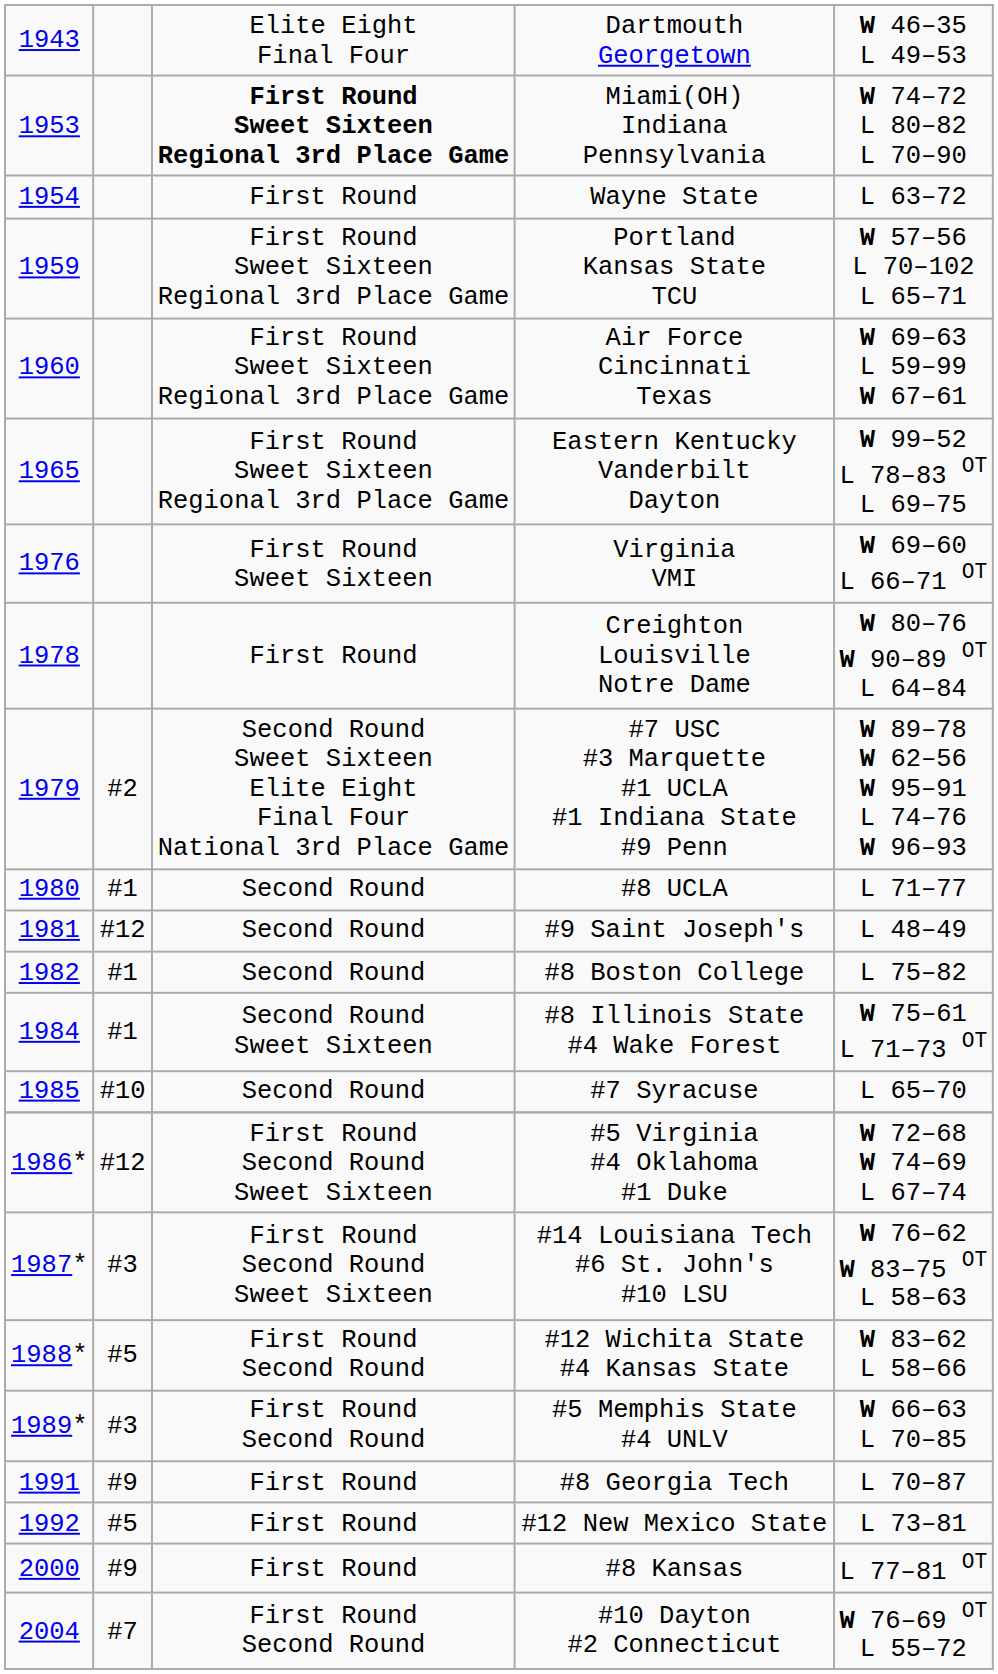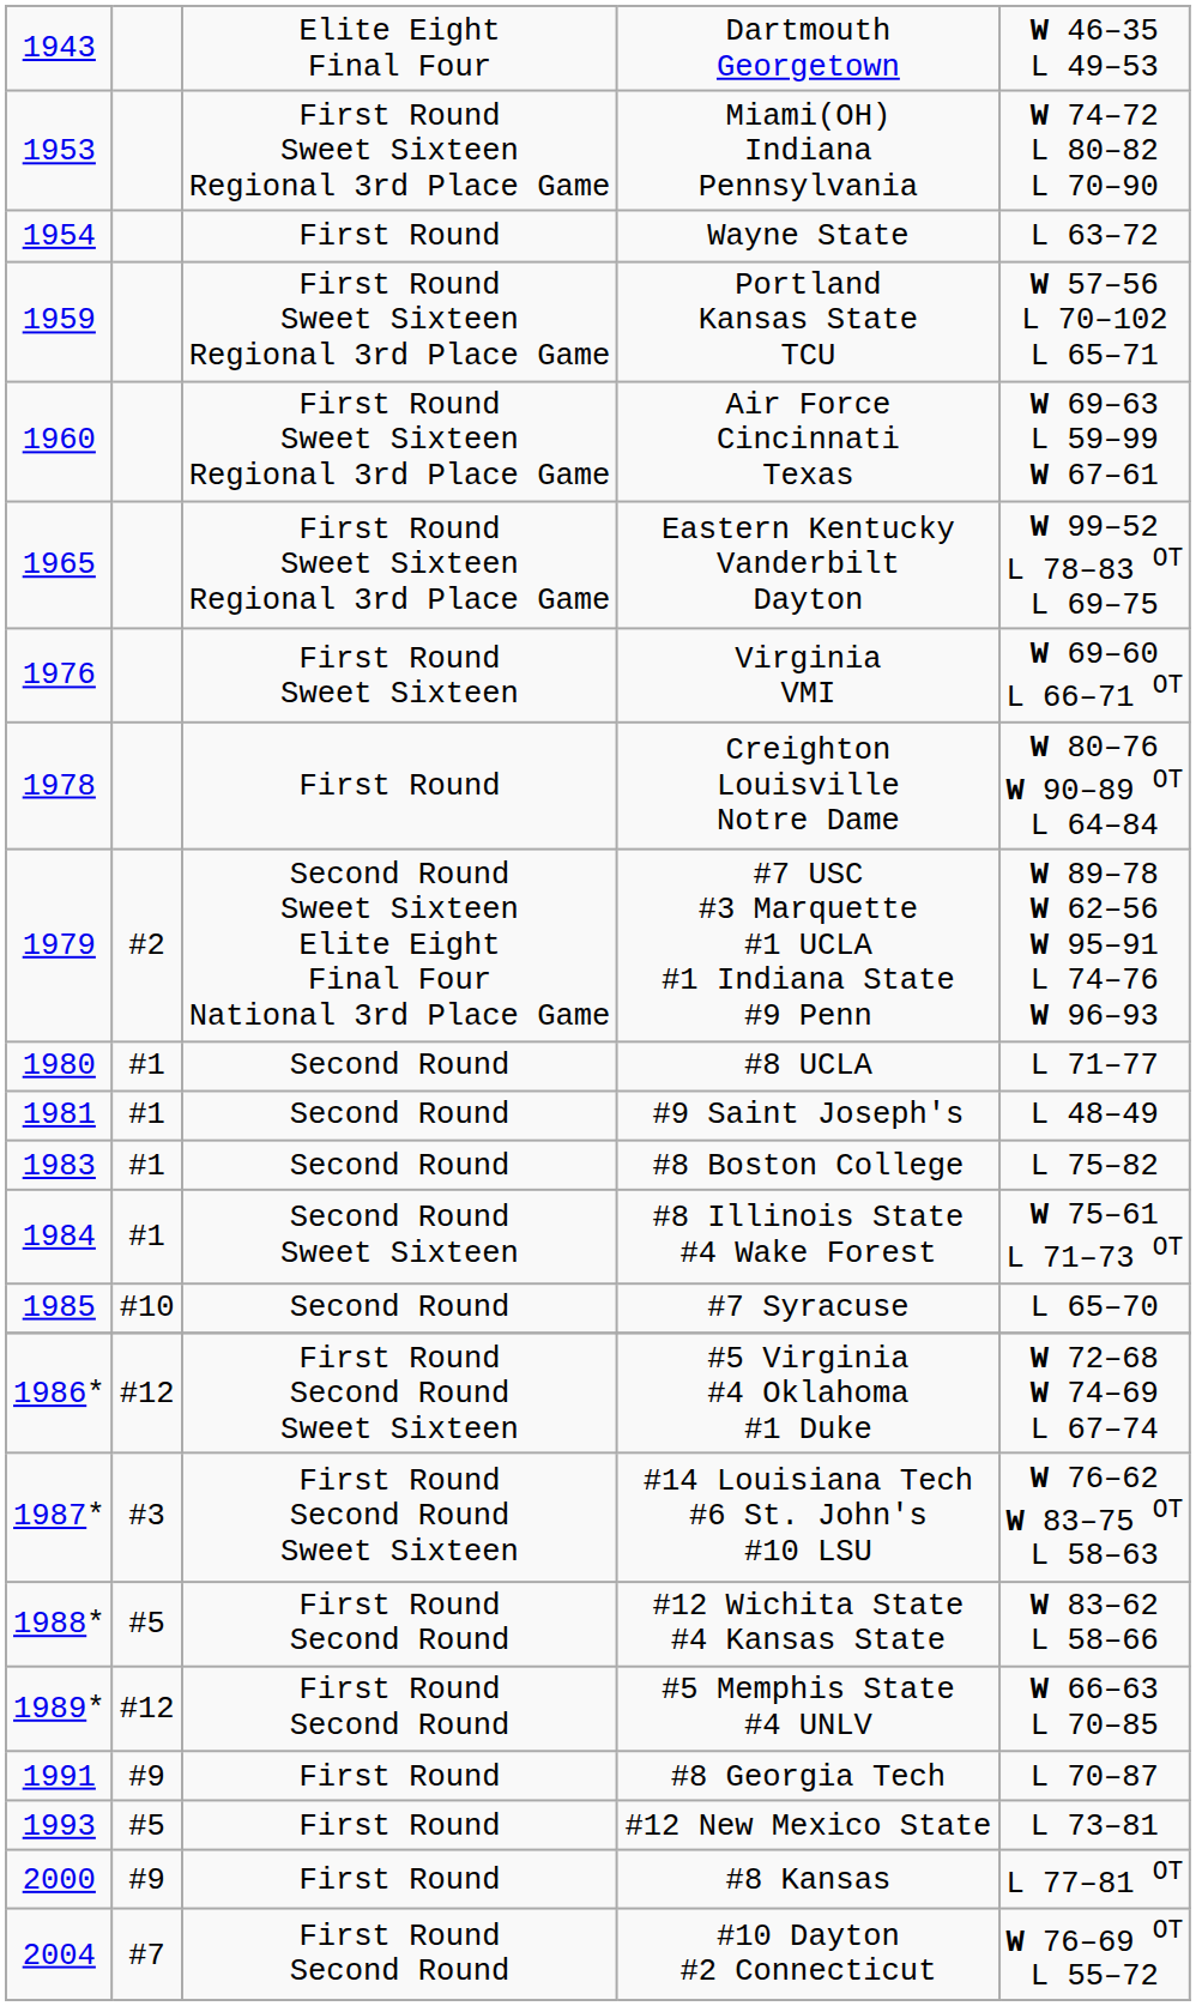 <table class="wikitable">
 <tr align="center">
 <td><a href='#'>1943</a></td>
 <td></td>
 <td>Elite Eight<br>Final Four</td>
 <td>Dartmouth<br><a href='#'>Georgetown</a></td>
 <td><strong>W</strong> 46–35<br>L 49–53</td>
 </tr>
 <tr align="center">
 <td><a href='#'>1953</a></td>
 <td></td>
-<td><strong>First Round<br>Sweet Sixteen<br>Regional 3rd Place Game</strong></td>
+<td>First Round<br>Sweet Sixteen<br>Regional 3rd Place Game</td>
 <td>Miami(OH)<br>Indiana<br>Pennsylvania</td>
 <td><strong>W</strong> 74–72<br>L 80–82<br>L 70–90</td>
 </tr>
 <tr align="center">
 <td><a href='#'>1954</a></td>
 <td></td>
 <td>First Round</td>
 <td>Wayne State</td>
 <td>L 63–72</td>
 </tr>
 <tr align="center">
 <td><a href='#'>1959</a></td>
 <td></td>
 <td>First Round<br>Sweet Sixteen<br>Regional 3rd Place Game</td>
 <td>Portland<br>Kansas State<br>TCU</td>
 <td><strong>W</strong> 57–56<br>L 70–102<br>L 65–71</td>
 </tr>
 <tr align="center">
 <td><a href='#'>1960</a></td>
 <td></td>
 <td>First Round<br>Sweet Sixteen<br>Regional 3rd Place Game</td>
 <td>Air Force<br>Cincinnati<br>Texas</td>
 <td><strong>W</strong> 69–63<br>L 59–99<br><strong>W</strong> 67–61</td>
 </tr>
 <tr align="center">
 <td><a href='#'>1965</a></td>
 <td></td>
 <td>First Round<br>Sweet Sixteen<br>Regional 3rd Place Game</td>
 <td>Eastern Kentucky<br>Vanderbilt<br>Dayton</td>
 <td><strong>W</strong> 99–52<br>L 78–83 <sup>OT</sup><br>L 69–75</td>
 </tr>
 <tr align="center">
 <td><a href='#'>1976</a></td>
 <td></td>
 <td>First Round<br>Sweet Sixteen</td>
 <td>Virginia<br>VMI</td>
 <td><strong>W</strong> 69–60<br>L 66–71 <sup>OT</sup></td>
 </tr>
 <tr align="center">
 <td><a href='#'>1978</a></td>
 <td></td>
 <td>First Round</td>
 <td>Creighton<br>Louisville<br>Notre Dame</td>
 <td><strong>W</strong> 80–76<br><strong>W</strong> 90–89 <sup>OT</sup><br>L 64–84</td>
 </tr>
 <tr align="center">
 <td><a href='#'>1979</a></td>
 <td>#2</td>
 <td>Second Round<br>Sweet Sixteen<br>Elite Eight<br>Final Four<br>National 3rd Place Game</td>
 <td>#7 USC<br>#3 Marquette<br>#1 UCLA<br>#1 Indiana State<br>#9 Penn</td>
 <td><strong>W</strong> 89–78<br><strong>W</strong> 62–56<br><strong>W</strong> 95–91<br>L 74–76<br><strong>W</strong> 96–93</td>
 </tr>
 <tr align="center">
 <td><a href='#'>1980</a></td>
 <td>#1</td>
 <td>Second Round</td>
 <td>#8 UCLA</td>
 <td>L 71–77</td>
 </tr>
 <tr align="center">
 <td><a href='#'>1981</a></td>
-<td>#12</td>
+<td>#1</td>
 <td>Second Round</td>
 <td>#9 Saint Joseph's</td>
 <td>L 48–49</td>
 </tr>
 <tr align="center">
-<td><a href='#'>1982</a></td>
+<td><a href='#'>1983</a></td>
 <td>#1</td>
 <td>Second Round</td>
 <td>#8 Boston College</td>
 <td>L 75–82</td>
 </tr>
 <tr align="center">
 <td><a href='#'>1984</a></td>
 <td>#1</td>
 <td>Second Round<br>Sweet Sixteen</td>
 <td>#8 Illinois State<br>#4 Wake Forest</td>
 <td><strong>W</strong> 75–61<br>L 71–73 <sup>OT</sup></td>
 </tr>
 <tr align="center">
 <td><a href='#'>1985</a></td>
 <td>#10</td>
 <td>Second Round</td>
 <td>#7 Syracuse</td>
 <td>L 65–70</td>
 </tr>
 <tr align="cent">
 </tr>
 <tr align="center">
 <td><a href='#'>1986</a>*</td>
 <td>#12</td>
 <td>First Round<br>Second Round<br>Sweet Sixteen</td>
 <td>#5 Virginia<br>#4 Oklahoma<br>#1 Duke</td>
 <td><strong>W</strong> 72–68<br><strong>W</strong> 74–69<br>L 67–74</td>
 </tr>
 <tr align="center">
 <td><a href='#'>1987</a>*</td>
 <td>#3</td>
 <td>First Round<br>Second Round<br>Sweet Sixteen</td>
 <td>#14 Louisiana Tech<br>#6 St. John's<br>#10 LSU</td>
 <td><strong>W</strong> 76–62<br><strong>W</strong> 83–75 <sup>OT</sup><br>L 58–63</td>
 </tr>
 <tr align="center">
 <td><a href='#'>1988</a>*</td>
 <td>#5</td>
 <td>First Round<br>Second Round</td>
 <td>#12 Wichita State<br>#4 Kansas State</td>
 <td><strong>W</strong> 83–62<br>L 58–66</td>
 </tr>
 <tr align="center">
 <td><a href='#'>1989</a>*</td>
-<td>#3</td>
+<td>#12</td>
 <td>First Round<br>Second Round</td>
 <td>#5 Memphis State<br>#4 UNLV</td>
 <td><strong>W</strong> 66–63<br>L 70–85</td>
 </tr>
 <tr align="center">
 <td><a href='#'>1991</a></td>
 <td>#9</td>
 <td>First Round</td>
 <td>#8 Georgia Tech</td>
 <td>L 70–87</td>
 </tr>
 <tr align="center">
-<td><a href='#'>1992</a></td>
+<td><a href='#'>1993</a></td>
 <td>#5</td>
 <td>First Round</td>
 <td>#12 New Mexico State</td>
 <td>L 73–81</td>
 </tr>
 <tr align="center">
 <td><a href='#'>2000</a></td>
 <td>#9</td>
 <td>First Round</td>
 <td>#8 Kansas</td>
 <td>L 77–81 <sup>OT</sup></td>
 </tr>
 <tr align="center">
 <td><a href='#'>2004</a></td>
 <td>#7</td>
 <td>First Round<br>Second Round</td>
 <td>#10 Dayton<br>#2 Connecticut</td>
 <td><strong>W</strong> 76–69 <sup>OT</sup><br>L 55–72</td>
 </tr>
 </table>
